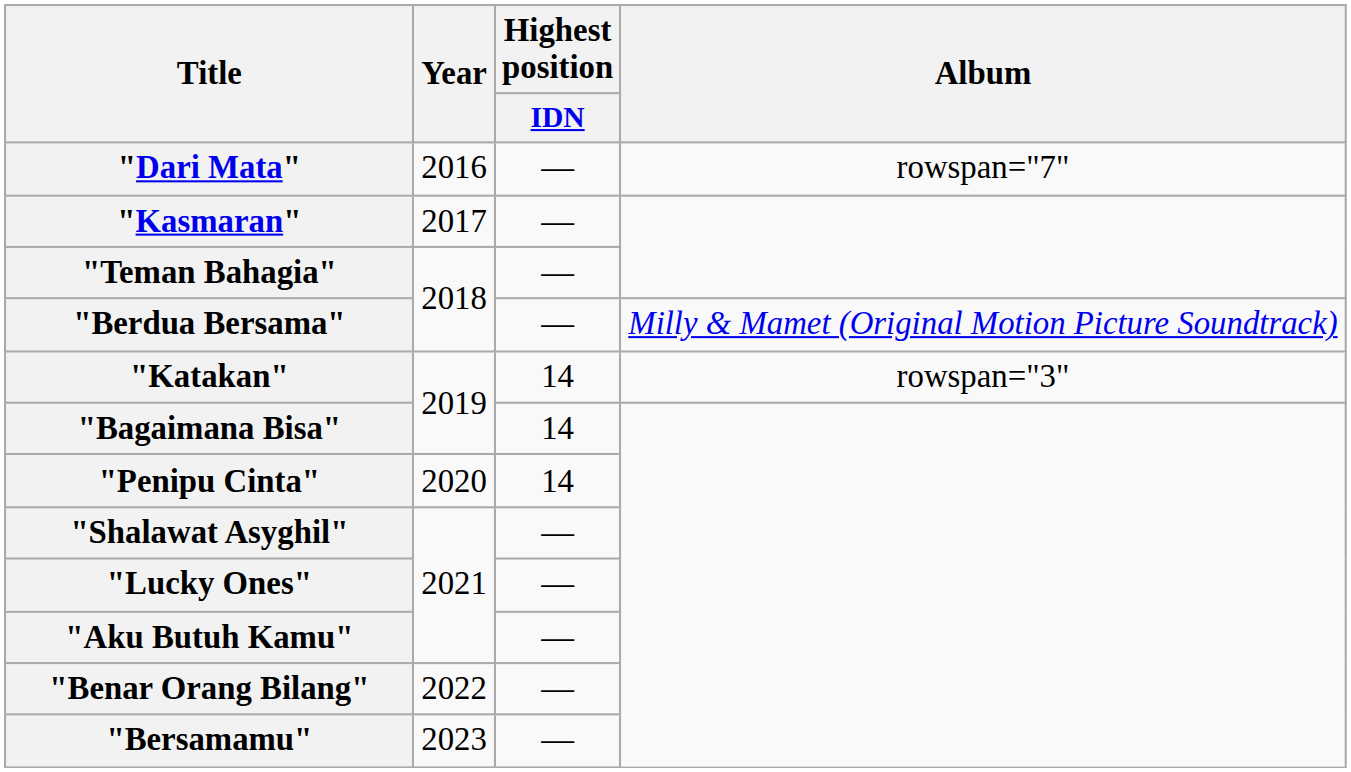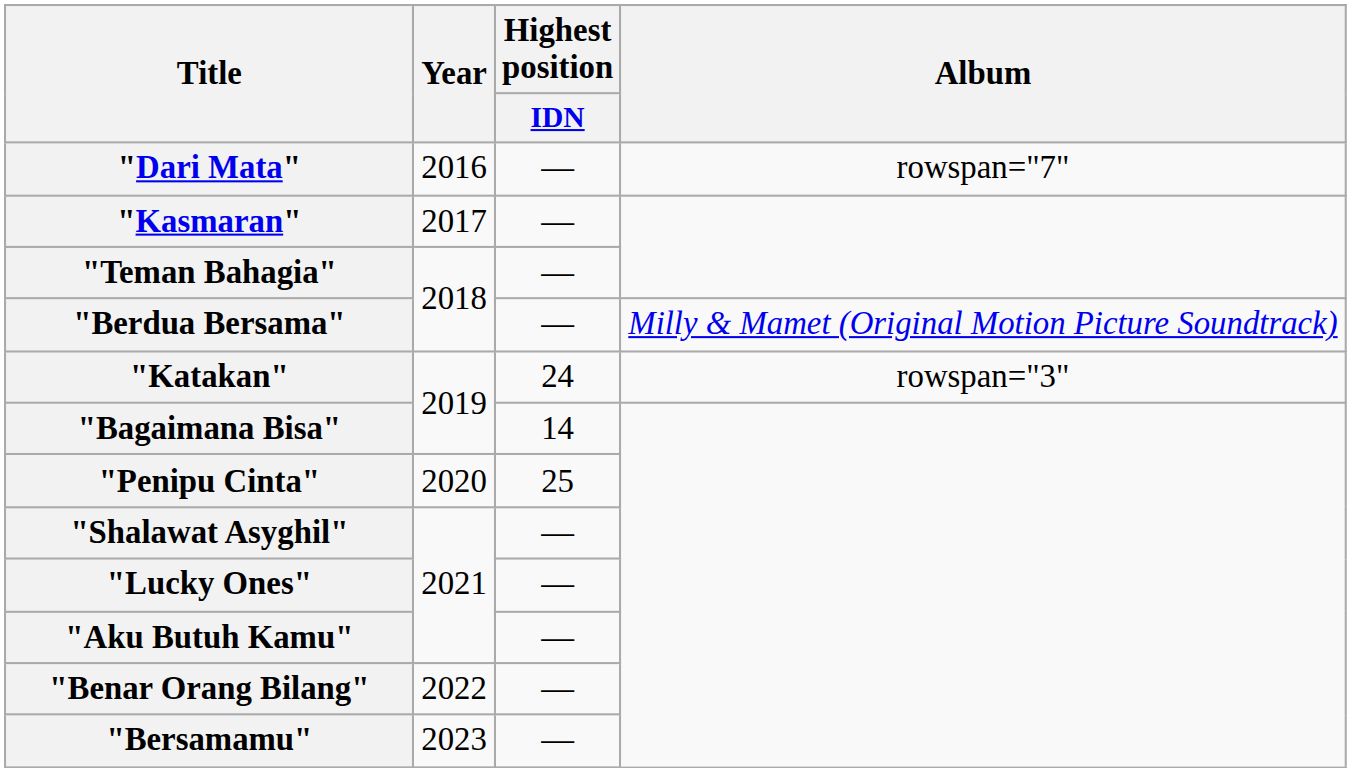 <table class="wikitable plainrowheaders" style="text-align:center">
 <tr>
 <th scope="col" rowspan="2" style="width:12em;">Title</th>
 <th scope="col" rowspan="2" style="width:1em;">Year</th>
 <th scope="col" colspan="1">Highest position</th>
 <th scope="col" rowspan="2">Album</th>
 </tr>
 <tr>
 <th scope="col" style="width:3em;font-size:90%;"><a href='#'>IDN</a><br></th>
 </tr>
 <tr>
 <th scope="row">"<a href='#'>Dari Mata</a>"</th>
 <td>2016</td>
 <td>—</td>
 <td>rowspan="7" </td>
 </tr>
 <tr>
 <th scope="row">"<a href='#'>Kasmaran</a>"</th>
 <td>2017</td>
 <td>—</td>
 </tr>
 <tr>
 <th scope="row">"Teman Bahagia"</th>
 <td rowspan="2">2018</td>
 <td>—</td>
 </tr>
 <tr>
 <th scope="row">"Berdua Bersama"</th>
 <td>—</td>
 <td><em><a href='#'>Milly & Mamet (Original Motion Picture Soundtrack)</a></em></td>
 </tr>
 <tr>
 <th scope="row">"Katakan"</th>
 <td rowspan="2">2019</td>
-<td>14</td>
+<td>24</td>
 <td>rowspan="3" </td>
 </tr>
 <tr>
 <th scope="row">"Bagaimana Bisa"</th>
 <td>14</td>
 </tr>
 <tr>
 <th scope="row">"Penipu Cinta"</th>
 <td>2020</td>
-<td>14</td>
+<td>25</td>
 </tr>
 <tr>
 <th scope="row">"Shalawat Asyghil"</th>
 <td rowspan="3">2021</td>
 <td>—</td>
 </tr>
 <tr>
 <th scope="row">"Lucky Ones"</th>
 <td>—</td>
 </tr>
 <tr>
 <th scope="row">"Aku Butuh Kamu"</th>
 <td>—</td>
 </tr>
 <tr>
 <th scope="row">"Benar Orang Bilang"</th>
 <td>2022</td>
 <td>—</td>
 </tr>
 <tr>
 <th scope="row">"Bersamamu"</th>
 <td>2023</td>
 <td>—</td>
 </tr>
 <tr>
 </tr>
 </table>
